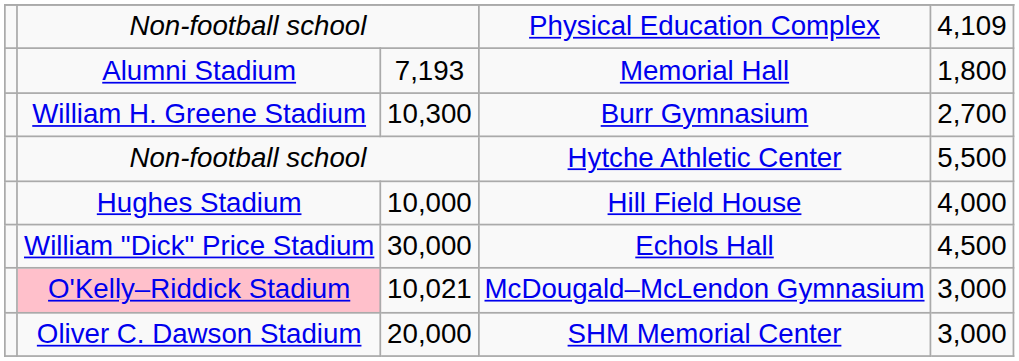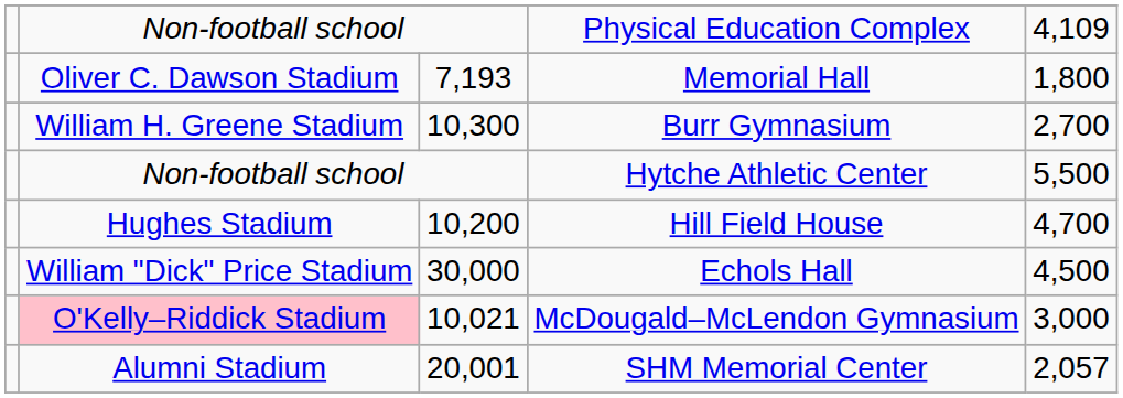 <table class="wikitable sortable" style="text-align: center;">
 <tr>
 </tr>
 <tr>
 <td style="text-align:center; "><a href='#'></a></td>
 <td colspan=2><em>Non-football school</em></td>
 <td><a href='#'>Physical Education Complex</a></td>
 <td>4,109</td>
 </tr>
 <tr>
 <td style="text-align:center; "><a href='#'></a></td>
-<td><a href='#'>Alumni Stadium</a></td>
+<td><a href='#'>Oliver C. Dawson Stadium</a></td>
 <td>7,193</td>
 <td><a href='#'>Memorial Hall</a></td>
 <td>1,800</td>
 </tr>
 <tr>
 <td style="text-align:center; "><a href='#'></a></td>
 <td><a href='#'>William H. Greene Stadium</a></td>
 <td>10,300</td>
 <td><a href='#'>Burr Gymnasium</a></td>
 <td>2,700</td>
 </tr>
 <tr>
 <td style="text-align:center; "><a href='#'></a></td>
 <td colspan=2><em>Non-football school</em></td>
 <td><a href='#'>Hytche Athletic Center</a></td>
 <td>5,500</td>
 </tr>
 <tr>
 <td style="text-align:center; "><a href='#'></a></td>
 <td><a href='#'>Hughes Stadium</a></td>
-<td>10,000</td>
+<td>10,200</td>
 <td><a href='#'>Hill Field House</a></td>
-<td>4,000</td>
+<td>4,700</td>
 </tr>
 <tr>
 <td style="text-align:center; "><a href='#'></a></td>
 <td><a href='#'>William "Dick" Price Stadium</a></td>
 <td>30,000</td>
 <td><a href='#'>Echols Hall</a></td>
 <td>4,500</td>
 </tr>
 <tr>
 <td style="text-align:center; "><a href='#'></a></td>
 <td style="background: pink;"><a href='#'>O'Kelly–Riddick Stadium</a></td>
 <td>10,021</td>
 <td><a href='#'>McDougald–McLendon Gymnasium</a></td>
 <td>3,000</td>
 </tr>
 <tr>
 <td style="text-align:center; "><a href='#'></a></td>
-<td><a href='#'>Oliver C. Dawson Stadium</a></td>
-<td>20,000</td>
+<td><a href='#'>Alumni Stadium</a></td>
+<td>20,001</td>
 <td><a href='#'>SHM Memorial Center</a></td>
-<td>3,000</td>
+<td>2,057</td>
 </tr>
 </table>
